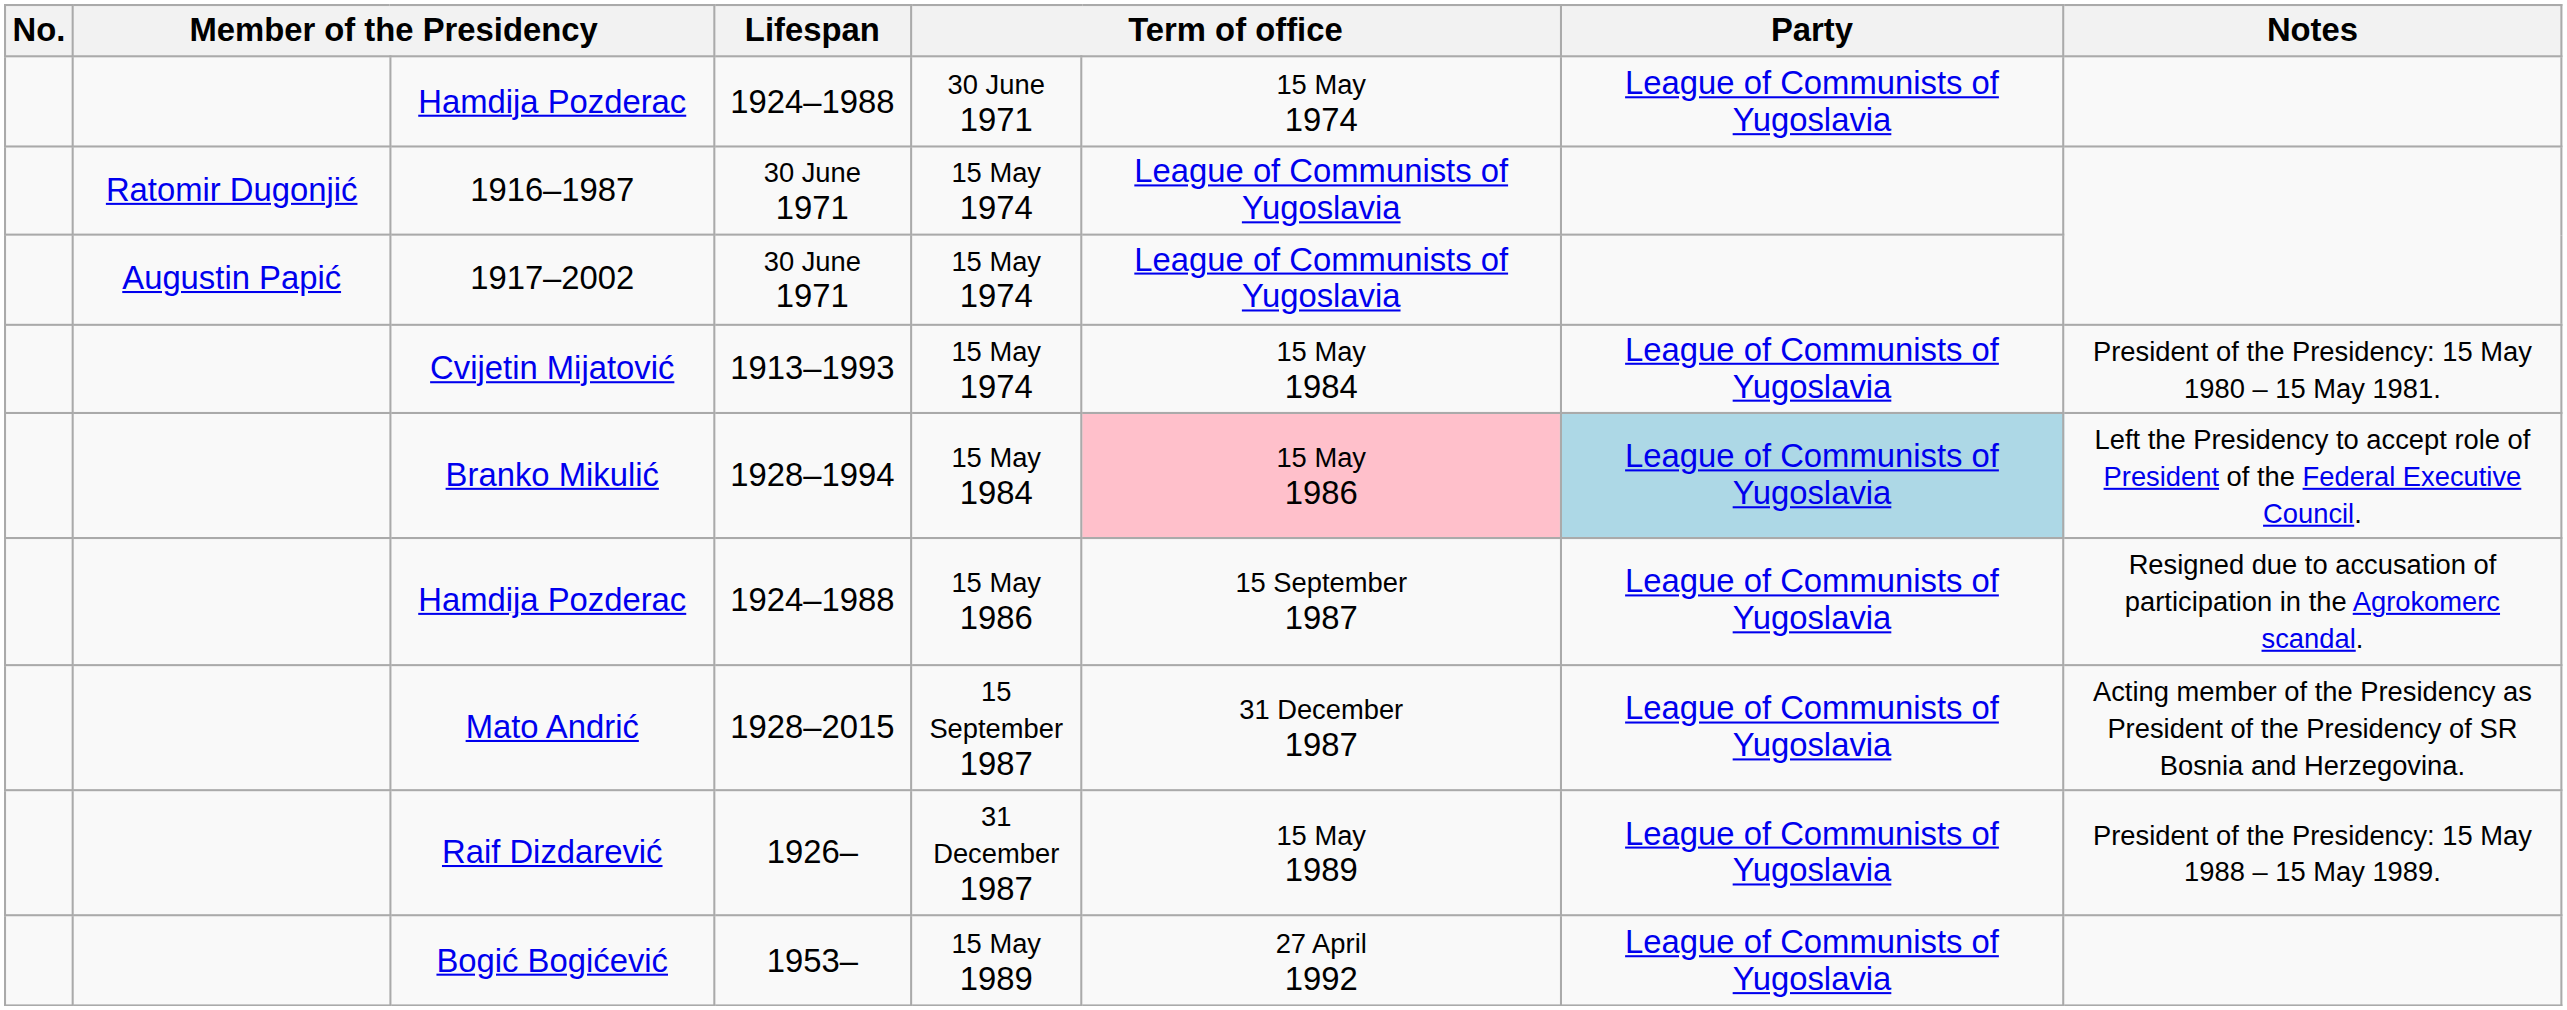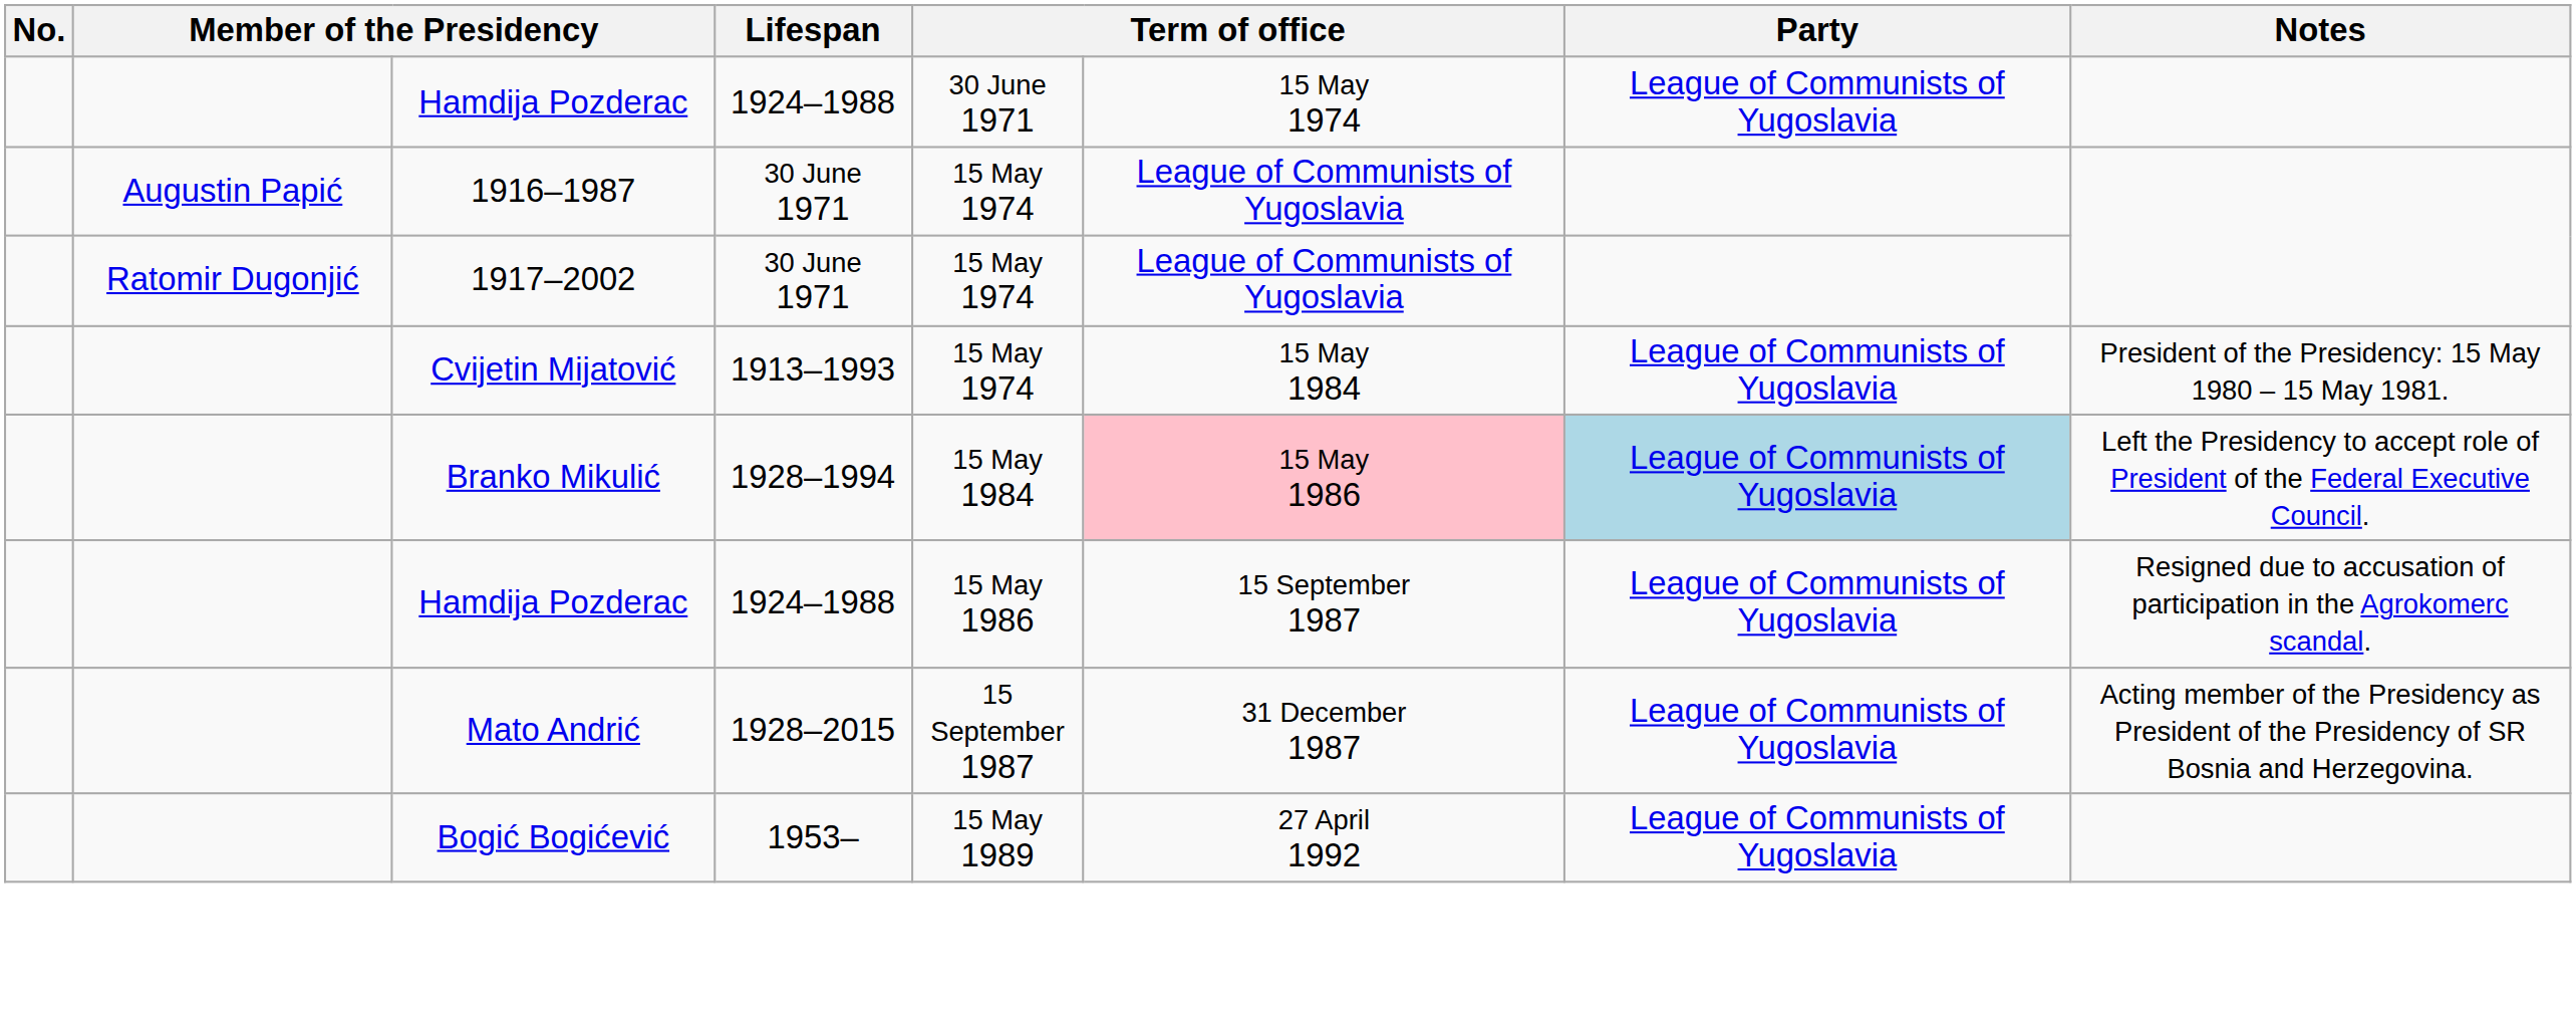 <table class="wikitable" style="text-align:center">
 <tr>
 <th>No.</th>
 <th colspan="2">Member of the Presidency</th>
 <th>Lifespan</th>
 <th colspan="2">Term of office</th>
 <th>Party</th>
 <th>Notes</th>
 </tr>
 <tr>
 <td style="background: "></td>
 <td style="width:1em;"></td>
 <td style="width:11em;"><a href='#'>Hamdija Pozderac</a></td>
 <td style="width:6em;">1924–1988</td>
 <td style="width:5em;"><small>30 June</small><br>1971</td>
 <td style="width:5em;"><small>15 May</small><br>1974</td>
 <td style="width:17em;"><a href='#'>League of Communists of Yugoslavia</a></td>
 <td style="width:18em;"><small></small></td>
 </tr>
 <tr>
 <td style="width:1em;"></td>
-<td style="width:11em;"><a href='#'>Ratomir Dugonjić</a></td>
+<td style="width:11em;"><a href='#'>Augustin Papić</a></td>
 <td style="width:6em;">1916–1987</td>
 <td style="width:5em;"><small>30 June</small><br>1971</td>
 <td style="width:5em;"><small>15 May</small><br>1974</td>
 <td style="width:17em;"><a href='#'>League of Communists of Yugoslavia</a></td>
 <td style="width:18em;"><small></small></td>
 </tr>
 <tr>
 <td style="width:1em;"></td>
-<td style="width:11em;"><a href='#'>Augustin Papić</a></td>
+<td style="width:11em;"><a href='#'>Ratomir Dugonjić</a></td>
 <td style="width:6em;">1917–2002</td>
 <td style="width:5em;"><small>30 June</small><br>1971</td>
 <td style="width:5em;"><small>15 May</small><br>1974</td>
 <td style="width:17em;"><a href='#'>League of Communists of Yugoslavia</a></td>
 <td style="width:18em;"><small></small></td>
 </tr>
 <tr>
 <td style="background: "></td>
 <td style="width:1em;"></td>
 <td style="width:11em;"><a href='#'>Cvijetin Mijatović</a></td>
 <td style="width:6em;">1913–1993</td>
 <td style="width:5em;"><small>15 May</small><br>1974</td>
 <td style="width:5em;"><small>15 May</small><br>1984</td>
 <td style="width:17em;"><a href='#'>League of Communists of Yugoslavia</a></td>
 <td style="width:18em;"><small>President of the Presidency: 15 May 1980 – 15 May 1981.</small></td>
 </tr>
 <tr>
 <td style="background: "></td>
 <td style="width:1em;"></td>
 <td style="width:11em;"><a href='#'>Branko Mikulić</a></td>
 <td style="width:6em;">1928–1994</td>
 <td style="width:5em;"><small>15 May</small><br>1984</td>
 <td style="background: pink; width:5em;"><small>15 May</small><br>1986</td>
 <td style="background: lightblue; width:17em;"><a href='#'>League of Communists of Yugoslavia</a></td>
 <td style="width:18em;"><small>Left the Presidency to accept role of <a href='#'>President</a> of the <a href='#'>Federal Executive Council</a>.</small></td>
 </tr>
 <tr>
 <td style="background: "></td>
 <td style="width:1em;"></td>
 <td style="width:11em;"><a href='#'>Hamdija Pozderac</a></td>
 <td style="width:6em;">1924–1988</td>
 <td style="width:5em;"><small>15 May</small><br>1986</td>
 <td style="width:5em;"><small>15 September</small><br>1987</td>
 <td style="width:17em;"><a href='#'>League of Communists of Yugoslavia</a></td>
 <td style="width:18em;"><small>Resigned due to accusation of participation in the <a href='#'>Agrokomerc scandal</a>.</small></td>
 </tr>
 <tr>
 <td style="background: "></td>
 <td style="width:1em;"></td>
 <td style="width:11em;"><a href='#'>Mato Andrić</a></td>
 <td style="width:6em;">1928–2015</td>
 <td style="width:5em;"><small>15 September</small><br>1987</td>
 <td style="width:5em;"><small>31 December</small><br>1987</td>
 <td style="width:17em;"><a href='#'>League of Communists of Yugoslavia</a></td>
 <td style="width:18em;"><small>Acting member of the Presidency as President of the Presidency of SR Bosnia and Herzegovina.</small></td>
 </tr>
 <tr>
 <td style="background: "></td>
 <td style="width:1em;"></td>
-<td style="width:11em;"><a href='#'>Raif Dizdarević</a></td>
-<td style="width:6em;">1926–</td>
-<td style="width:5em;"><small>31 December</small><br>1987</td>
-<td style="width:5em;"><small>15 May</small><br>1989</td>
-<td style="width:17em;"><a href='#'>League of Communists of Yugoslavia</a></td>
-<td style="width:18em;"><small>President of the Presidency: 15 May 1988 – 15 May 1989.</small></td>
-</tr>
-<tr>
-<td style="background: "></td>
-<td style="width:1em;"></td>
 <td style="width:11em;"><a href='#'>Bogić Bogićević</a></td>
 <td style="width:6em;">1953–</td>
 <td style="width:5em;"><small>15 May</small><br>1989</td>
 <td style="width:5em;"><small>27 April</small><br>1992</td>
 <td style="width:17em;"><a href='#'>League of Communists of Yugoslavia</a></td>
 <td style="width:18em;"><small></small></td>
 </tr>
 </table>
